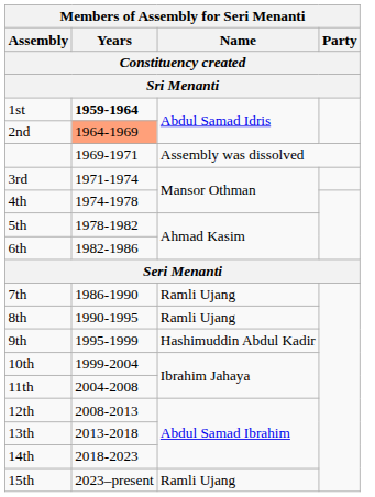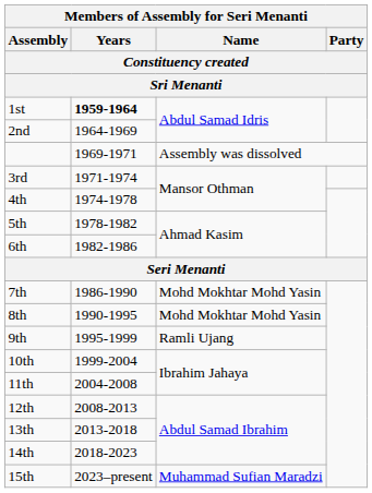 <table class="wikitable">
 <tr>
 <th colspan="4">Members of Assembly for Seri Menanti</th>
 </tr>
 <tr>
 <th>Assembly</th>
 <th>Years</th>
 <th>Name</th>
 <th>Party</th>
 </tr>
 <tr>
 <th colspan="4"><em>Constituency created</em></th>
 </tr>
 <tr>
 <th colspan="4"><em>Sri Menanti</em></th>
 </tr>
 <tr>
 <td>1st</td>
 <td><strong>1959-1964</strong></td>
 <td rowspan="2"><a href='#'>Abdul Samad Idris</a></td>
 <td rowspan="2"></td>
 </tr>
 <tr>
 <td>2nd</td>
-<td style="background: lightsalmon;">1964-1969</td>
+<td>1964-1969</td>
 </tr>
 <tr>
 <td></td>
 <td>1969-1971</td>
 <td colspan="2">Assembly was dissolved</td>
 </tr>
 <tr>
 <td>3rd</td>
 <td>1971-1974</td>
 <td rowspan="2">Mansor Othman</td>
 <td></td>
 </tr>
 <tr>
 <td>4th</td>
 <td>1974-1978</td>
 <td rowspan="3"></td>
 </tr>
 <tr>
 <td>5th</td>
 <td>1978-1982</td>
 <td rowspan="2">Ahmad Kasim</td>
 </tr>
 <tr>
 <td>6th</td>
 <td>1982-1986</td>
 </tr>
 <tr>
 <th colspan="4"><em>Seri Menanti</em></th>
 </tr>
 <tr>
 <td>7th</td>
 <td>1986-1990</td>
-<td>Ramli Ujang</td>
+<td>Mohd Mokhtar Mohd Yasin</td>
 <td rowspan="9"></td>
 </tr>
 <tr>
 <td>8th</td>
 <td>1990-1995</td>
-<td>Ramli Ujang</td>
+<td>Mohd Mokhtar Mohd Yasin</td>
 </tr>
 <tr>
 <td>9th</td>
 <td>1995-1999</td>
-<td>Hashimuddin Abdul Kadir</td>
+<td>Ramli Ujang</td>
 </tr>
 <tr>
 <td>10th</td>
 <td>1999-2004</td>
 <td rowspan="2">Ibrahim Jahaya</td>
 </tr>
 <tr>
 <td>11th</td>
 <td>2004-2008</td>
 </tr>
 <tr>
 <td>12th</td>
 <td>2008-2013</td>
 <td rowspan="3"><a href='#'>Abdul Samad Ibrahim</a></td>
 </tr>
 <tr>
 <td>13th</td>
 <td>2013-2018</td>
 </tr>
 <tr>
 <td>14th</td>
 <td>2018-2023</td>
 </tr>
 <tr>
 <td>15th</td>
 <td>2023–present</td>
-<td>Ramli Ujang</td>
+<td><a href='#'>Muhammad Sufian Maradzi</a></td>
 </tr>
 </table>
